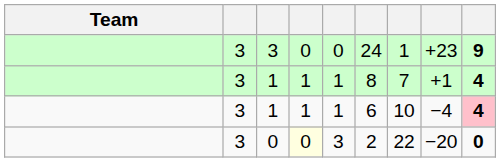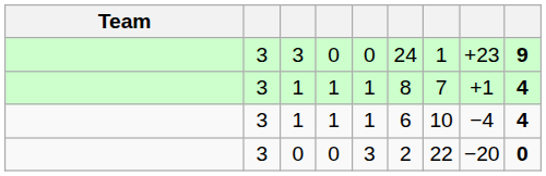 <table class="wikitable" style="text-align: center;">
 <tr>
 <th width="175">Team</th>
 <th width="20"></th>
 <th width="20"></th>
 <th width="20"></th>
 <th width="20"></th>
 <th width="20"></th>
 <th width="20"></th>
 <th width="20"></th>
 <th width="20"></th>
 </tr>
 <tr style="background:#ccffcc;">
 <td align=left></td>
 <td>3</td>
 <td>3</td>
 <td>0</td>
 <td>0</td>
 <td>24</td>
 <td>1</td>
 <td>+23</td>
 <td><strong>9</strong></td>
 </tr>
 <tr style="background:#ccffcc;">
 <td align=left></td>
 <td>3</td>
 <td>1</td>
 <td>1</td>
 <td>1</td>
 <td>8</td>
 <td>7</td>
 <td>+1</td>
 <td><strong>4</strong></td>
 </tr>
 <tr>
 <td align=left></td>
 <td>3</td>
 <td>1</td>
 <td>1</td>
 <td>1</td>
 <td>6</td>
 <td>10</td>
 <td>−4</td>
-<td style="background: pink;"><strong>4</strong></td>
+<td><strong>4</strong></td>
 </tr>
 <tr>
 <td align=left></td>
 <td>3</td>
 <td>0</td>
-<td style="background: lightyellow;">0</td>
+<td>0</td>
 <td>3</td>
 <td>2</td>
 <td>22</td>
 <td>−20</td>
 <td><strong>0</strong></td>
 </tr>
 </table>
